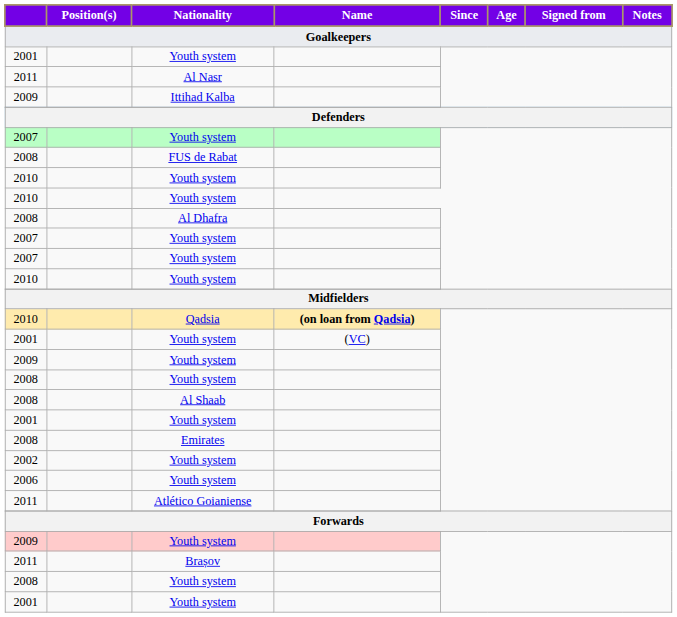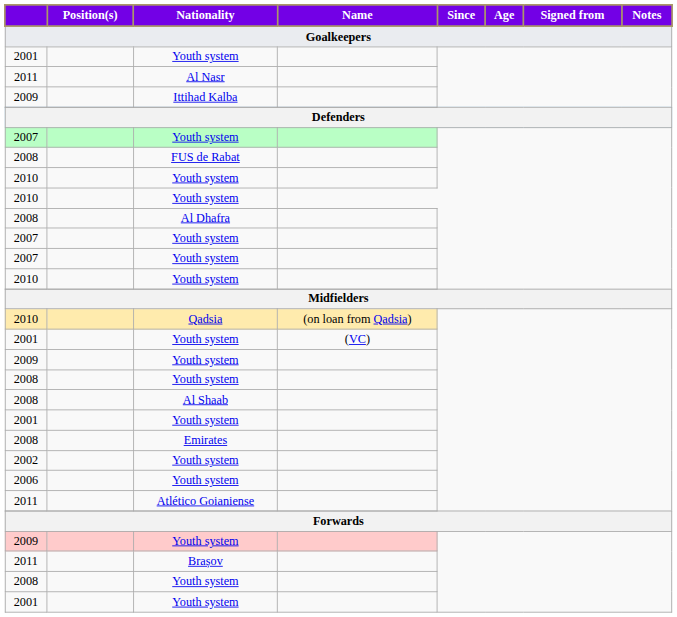 <table class="wikitable sortable" style="width:89%; text-align:center; font-size:90%; text-align:centre;">
 <tr>
 <th style="color:#FFFFFF; background: #7300E6; border:2px solid #AB9767;"></th>
 <th style="color:#FFFFFF; background: #7300E6; border:2px solid #AB9767;">Position(s)</th>
 <th style="color:#FFFFFF; background: #7300E6; border:2px solid #AB9767;">Nationality</th>
 <th style="color:#FFFFFF; background: #7300E6; border:2px solid #AB9767;">Name</th>
 <th style="color:#FFFFFF; background: #7300E6; border:2px solid #AB9767;">Since</th>
 <th style="color:#FFFFFF; background: #7300E6; border:2px solid #AB9767;">Age</th>
 <th style="color:#FFFFFF; background: #7300E6; border:2px solid #AB9767;">Signed from</th>
 <th style="color:#FFFFFF; background: #7300E6; border:2px solid #AB9767;">Notes</th>
 </tr>
 <tr>
 <th colspan="9" style="background:#EAECF0; text-align:center;">Goalkeepers</th>
 </tr>
 <tr>
 <td>2001</td>
 <td></td>
 <td><a href='#'>Youth system</a></td>
 <td></td>
 </tr>
 <tr>
 <td>2011</td>
 <td></td>
 <td> <a href='#'>Al Nasr</a></td>
 <td></td>
 </tr>
 <tr>
 <td>2009</td>
 <td></td>
 <td> <a href='#'>Ittihad Kalba</a></td>
 <td></td>
 </tr>
 <tr>
 </tr>
 <tr align="center" style="background:#7EC0EE">
 <th colspan="18">Defenders</th>
 </tr>
 <tr align="center" style="background:#B9FFC5">
 <td>2007</td>
 <td></td>
 <td><a href='#'>Youth system</a></td>
 <td></td>
 </tr>
 <tr>
 <td>2008</td>
 <td></td>
 <td> <a href='#'>FUS de Rabat</a></td>
 <td></td>
 </tr>
 <tr>
 <td>2010</td>
 <td></td>
 <td><a href='#'>Youth system</a></td>
 <td></td>
 </tr>
 <tr>
 <td>2010</td>
 <td></td>
 <td><a href='#'>Youth system</a></td>
 </tr>
 <tr>
 <td>2008</td>
 <td></td>
 <td> <a href='#'>Al Dhafra</a></td>
 <td></td>
 </tr>
 <tr>
 <td>2007</td>
 <td></td>
 <td><a href='#'>Youth system</a></td>
 <td></td>
 </tr>
 <tr>
 <td>2007</td>
 <td></td>
 <td><a href='#'>Youth system</a></td>
 <td></td>
 </tr>
 <tr>
 <td>2010</td>
 <td></td>
 <td><a href='#'>Youth system</a></td>
 <td></td>
 </tr>
 <tr>
 </tr>
 <tr align="center" style="background:#DCDCDC">
 <th colspan="18">Midfielders</th>
 </tr>
 <tr align="center" style="background:#FFEBAD">
 <td>2010</td>
 <td></td>
 <td> <a href='#'>Qadsia</a></td>
-<td><strong>(on loan from <a href='#'>Qadsia</a>)</strong></td>
+<td>(on loan from <a href='#'>Qadsia</a>)</td>
 </tr>
 <tr>
 <td>2001</td>
 <td></td>
 <td><a href='#'>Youth system</a></td>
 <td>(<a href='#'>VC</a>)</td>
 </tr>
 <tr>
 <td>2009</td>
 <td></td>
 <td><a href='#'>Youth system</a></td>
 <td></td>
 </tr>
 <tr>
 <td>2008</td>
 <td></td>
 <td><a href='#'>Youth system</a></td>
 <td></td>
 </tr>
 <tr>
 <td>2008</td>
 <td></td>
 <td> <a href='#'>Al Shaab</a></td>
 <td></td>
 </tr>
 <tr>
 <td>2001</td>
 <td></td>
 <td><a href='#'>Youth system</a></td>
 <td></td>
 </tr>
 <tr>
 <td>2008</td>
 <td></td>
 <td> <a href='#'>Emirates</a></td>
 <td></td>
 </tr>
 <tr>
 <td>2002</td>
 <td></td>
 <td><a href='#'>Youth system</a></td>
 <td></td>
 </tr>
 <tr>
 <td>2006</td>
 <td></td>
 <td><a href='#'>Youth system</a></td>
 <td></td>
 </tr>
 <tr>
 <td>2011</td>
 <td></td>
 <td> <a href='#'>Atlético Goianiense</a></td>
 <td></td>
 </tr>
 <tr>
 </tr>
 <tr align="left" style="background:#DCDCDC">
 <th colspan="18">Forwards</th>
 </tr>
 <tr align="center" style="background:#FFCBCB">
 <td>2009</td>
 <td></td>
 <td><a href='#'>Youth system</a></td>
 <td></td>
 </tr>
 <tr>
 <td>2011</td>
 <td></td>
 <td> <a href='#'>Brașov</a></td>
 <td></td>
 </tr>
 <tr>
 <td>2008</td>
 <td></td>
 <td><a href='#'>Youth system</a></td>
 <td></td>
 </tr>
 <tr>
 <td>2001</td>
 <td></td>
 <td><a href='#'>Youth system</a></td>
 <td></td>
 </tr>
 </table>
